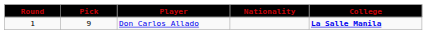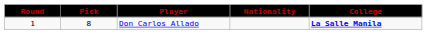 <table class="wikitable sortable sortable">
 <tr>
 <th width="10%" style="background:#000000; color:#C70309; ">Round</th>
 <th width="10%" style="background:#000000; color:#C70309; ">Pick</th>
 <th width="20%" style="background:#000000; color:#C70309; ">Player</th>
 <th width="14%" style="background:#000000; color:#C70309; ">Nationality</th>
 <th width="20%" style="background:#000000; color:#C70309; ">College</th>
 </tr>
 <tr>
 <td align="center">1</td>
-<td align="center">9</td>
+<td align="center">8</td>
 <td><a href='#'>Don Carlos Allado</a></td>
 <td></td>
 <td><strong><a href='#'>La Salle Manila</a></strong></td>
 </tr>
 </table>
